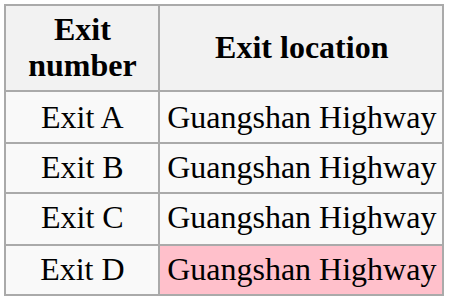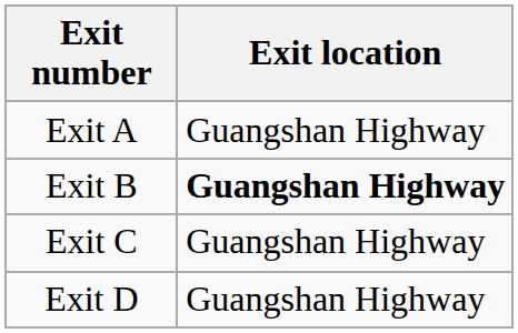 <table class="wikitable">
 <tr>
 <th style="width:70px" colspan="2">Exit number</th>
 <th>Exit location</th>
 </tr>
 <tr>
 <td align="center" colspan="2">Exit A</td>
 <td>Guangshan Highway</td>
 </tr>
 <tr>
 <td align="center" colspan="2">Exit B</td>
-<td>Guangshan Highway</td>
+<td><strong>Guangshan Highway</strong></td>
 </tr>
 <tr>
 <td align="center" colspan="2">Exit C</td>
 <td>Guangshan Highway</td>
 </tr>
 <tr>
 <td align="center" colspan="2">Exit D</td>
-<td style="background: pink;">Guangshan Highway</td>
+<td>Guangshan Highway</td>
 </tr>
 </table>
